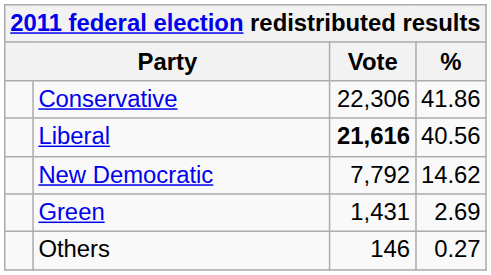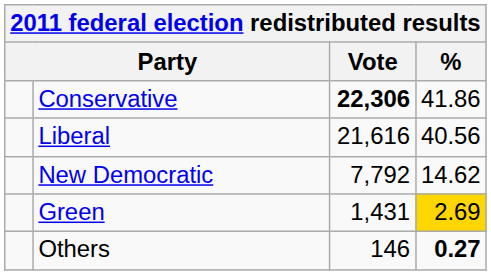 <table class="wikitable">
 <tr>
 <th colspan="4"><a href='#'>2011 federal election</a> redistributed results</th>
 </tr>
 <tr>
 <th bgcolor="#DDDDFF" width="130px" colspan="2">Party</th>
 <th bgcolor="#DDDDFF" width="50px">Vote</th>
 <th bgcolor="#DDDDFF" width="30px">%</th>
 </tr>
 <tr>
 <td> </td>
 <td><a href='#'>Conservative</a></td>
-<td align=right>22,306</td>
+<td align=right><strong>22,306</strong></td>
 <td align=right>41.86</td>
 </tr>
 <tr>
 <td> </td>
 <td><a href='#'>Liberal</a></td>
-<td align=right><strong>21,616</strong></td>
+<td align=right>21,616</td>
 <td align=right>40.56</td>
 </tr>
 <tr>
 <td> </td>
 <td><a href='#'>New Democratic</a></td>
 <td align=right>7,792</td>
 <td align=right>14.62</td>
 </tr>
 <tr>
 <td> </td>
 <td><a href='#'>Green</a></td>
 <td align=right>1,431</td>
-<td align=right>2.69</td>
+<td align=right style="background: gold;">2.69</td>
 </tr>
 <tr>
 <td> </td>
 <td>Others</td>
 <td align=right>146</td>
-<td align=right>0.27</td>
+<td align=right><strong>0.27</strong></td>
 </tr>
 </table>
